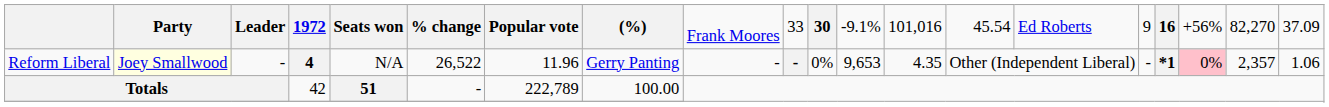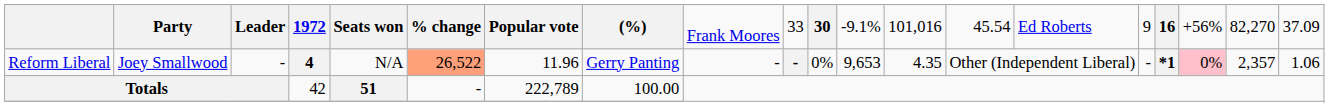 <table class="wikitable">
 <tr>
 <th> </th>
 <th>Party</th>
 <th>Leader</th>
 <th><a href='#'>1972</a></th>
 <th>Seats won</th>
 <th>% change</th>
 <th>Popular vote</th>
 <th>(%)<br></th>
 <td align=left><br><a href='#'>Frank Moores</a></td>
 <td align=right>33</td>
 <th align=right>30</th>
 <td align=right>-9.1%</td>
 <td align=right>101,016</td>
 <td align=right>45.54<br></td>
 <td align=left><a href='#'>Ed Roberts</a></td>
 <td align=right>9</td>
 <th align=right>16</th>
 <td align=right>+56%</td>
 <td align=right>82,270</td>
 <td align=right>37.09</td>
 </tr>
 <tr>
 <td><a href='#'>Reform Liberal</a></td>
-<td align=left style="background: lightyellow;"><a href='#'>Joey Smallwood</a></td>
+<td align=left><a href='#'>Joey Smallwood</a></td>
 <td align=right>-</td>
 <th align=right>4</th>
 <td align=right>N/A</td>
-<td align=right>26,522</td>
+<td align=right style="background: lightsalmon;">26,522</td>
 <td align=right>11.96<br></td>
 <td><a href='#'>Gerry Panting</a></td>
 <td align=right>-</td>
 <th align=right>-</th>
 <td align=right>0%</td>
 <td align=right>9,653</td>
 <td align=right>4.35<br></td>
 <td colspan="2">Other (Independent Liberal)</td>
 <td align=right>-</td>
 <th align=right>*1</th>
 <td align=right style="background: pink;">0%</td>
 <td align=right>2,357</td>
 <td align=right>1.06</td>
 </tr>
 <tr>
 <th colspan="3">Totals</th>
 <td align=right>42</td>
 <th align=right>51</th>
 <td align=right>-</td>
 <td align=right>222,789</td>
 <td align=right>100.00</td>
 </tr>
 <tr>
 </tr>
 </table>
